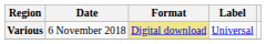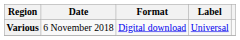 <table class="wikitable plainrowheaders">
 <tr>
 <th scope="col">Region</th>
 <th scope="col">Date</th>
 <th scope="col">Format</th>
 <th scope="col">Label</th>
 <th scope="col"></th>
 </tr>
 <tr>
 <th scope="row">Various</th>
 <td>6 November 2018</td>
-<td style="background: khaki;"><a href='#'>Digital download</a></td>
+<td><a href='#'>Digital download</a></td>
 <td><a href='#'>Universal</a></td>
 <td></td>
 </tr>
 <tr>
 </tr>
 </table>
